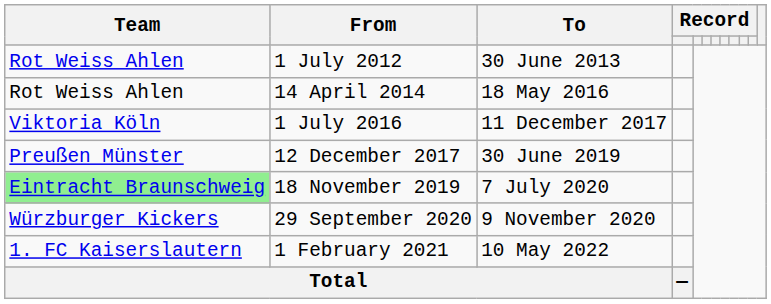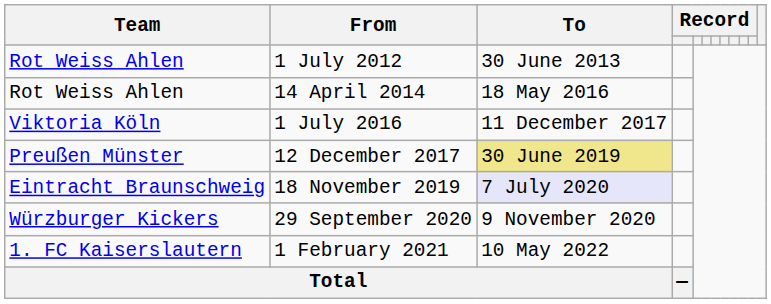 <table class="wikitable" style="text-align: center">
 <tr>
 <th rowspan="2">Team</th>
 <th rowspan="2">From</th>
 <th rowspan="2">To</th>
 <th colspan="8">Record</th>
 <th rowspan=2></th>
 </tr>
 <tr>
 <th></th>
 <th></th>
 <th></th>
 <th></th>
 <th></th>
 <th></th>
 <th></th>
 <th></th>
 </tr>
 <tr>
 <td align=left><a href='#'>Rot Weiss Ahlen</a></td>
 <td align=left>1 July 2012</td>
 <td align=left>30 June 2013<br></td>
 <td></td>
 </tr>
 <tr>
 <td align=left>Rot Weiss Ahlen</td>
 <td align=left>14 April 2014</td>
 <td align=left>18 May 2016<br></td>
 <td></td>
 </tr>
 <tr>
 <td align=left><a href='#'>Viktoria Köln</a></td>
 <td align=left>1 July 2016</td>
 <td align=left>11 December 2017<br></td>
 <td></td>
 </tr>
 <tr>
 <td align=left><a href='#'>Preußen Münster</a></td>
 <td align=left>12 December 2017</td>
-<td align=left>30 June 2019<br></td>
+<td align=left style="background: khaki;">30 June 2019<br></td>
 <td></td>
 </tr>
 <tr>
-<td align=left style="background: lightgreen;"><a href='#'>Eintracht Braunschweig</a></td>
+<td align=left><a href='#'>Eintracht Braunschweig</a></td>
 <td align=left>18 November 2019</td>
-<td align=left>7 July 2020<br></td>
+<td align=left style="background: lavender;">7 July 2020<br></td>
 <td></td>
 </tr>
 <tr>
 <td align=left><a href='#'>Würzburger Kickers</a></td>
 <td align=left>29 September 2020</td>
 <td align=left>9 November 2020<br></td>
 <td></td>
 </tr>
 <tr>
 <td align=left><a href='#'>1. FC Kaiserslautern</a></td>
 <td align=left>1 February 2021</td>
 <td align=left>10 May 2022<br></td>
 <td></td>
 </tr>
 <tr>
 <th colspan="3">Total<br></th>
 <th>—</th>
 </tr>
 </table>
